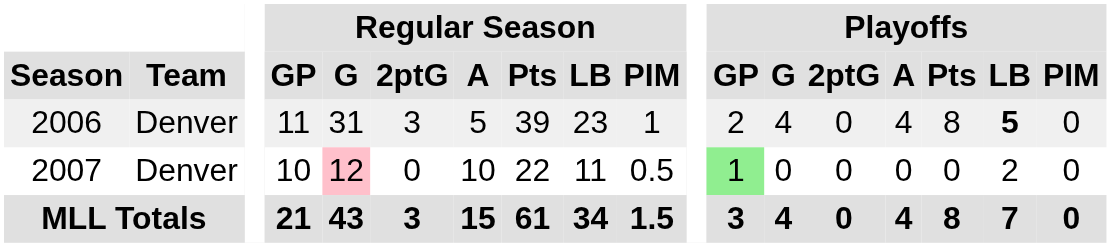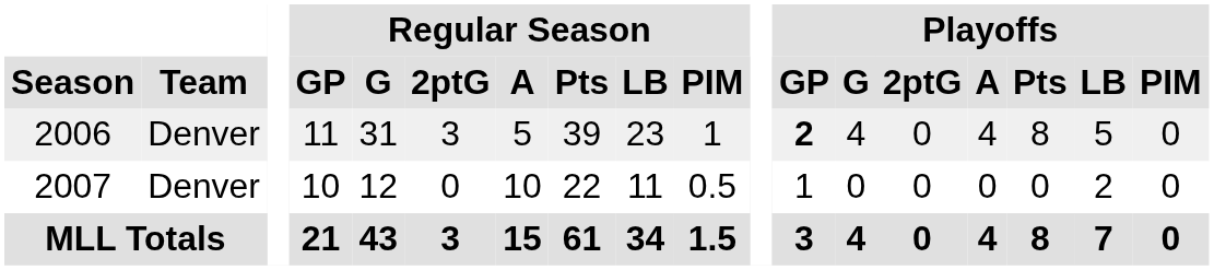 <table BORDER="0" CELLPADDING="3" CELLSPACING="0">
 <tr ALIGN="center" bgcolor="#e0e0e0">
 <th colspan="2" bgcolor="#ffffff"> </th>
 <th rowspan="99" bgcolor="#ffffff"> </th>
 <th colspan="7">Regular Season</th>
 <th rowspan="99" bgcolor="#ffffff"> </th>
 <th colspan="7">Playoffs</th>
 </tr>
 <tr ALIGN="center" bgcolor="#e0e0e0">
 <th>Season</th>
 <th>Team</th>
 <th>GP</th>
 <th>G</th>
 <th>2ptG</th>
 <th>A</th>
 <th>Pts</th>
 <th>LB</th>
 <th>PIM</th>
 <th>GP</th>
 <th>G</th>
 <th>2ptG</th>
 <th>A</th>
 <th>Pts</th>
 <th>LB</th>
 <th>PIM</th>
 </tr>
 <tr ALIGN="center" bgcolor="#f0f0f0">
 <td>2006</td>
 <td>Denver</td>
 <td>11</td>
 <td>31</td>
 <td>3</td>
 <td>5</td>
 <td>39</td>
 <td>23</td>
 <td>1</td>
-<td>2</td>
+<td><strong>2</strong></td>
 <td>4</td>
 <td>0</td>
 <td>4</td>
 <td>8</td>
-<td><strong>5</strong></td>
+<td>5</td>
 <td>0</td>
 </tr>
 <tr ALIGN="center">
 <td>2007</td>
 <td>Denver</td>
 <td>10</td>
-<td style="background: pink;">12</td>
+<td>12</td>
 <td>0</td>
 <td>10</td>
 <td>22</td>
 <td>11</td>
 <td>0.5</td>
-<td style="background: lightgreen;">1</td>
+<td>1</td>
 <td>0</td>
 <td>0</td>
 <td>0</td>
 <td>0</td>
 <td>2</td>
 <td>0</td>
 </tr>
 <tr ALIGN="center" bgcolor="#e0e0e0">
 <th colspan="2">MLL Totals</th>
 <th>21</th>
 <th>43</th>
 <th>3</th>
 <th>15</th>
 <th>61</th>
 <th>34</th>
 <th>1.5</th>
 <th>3</th>
 <th>4</th>
 <th>0</th>
 <th>4</th>
 <th>8</th>
 <th>7</th>
 <th>0</th>
 </tr>
 </table>
